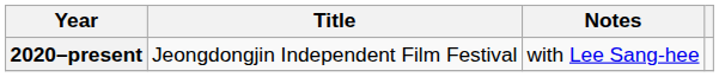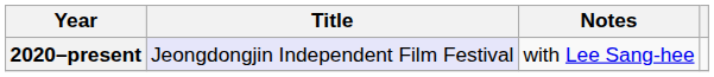 <table class="wikitable plainrowheaders">
 <tr>
 <th scope="col">Year</th>
 <th scope="col">Title</th>
 <th scope="col">Notes</th>
 <th scope="col" class="unsortable"></th>
 </tr>
 <tr>
 <th scope="row">2020–present</th>
-<td>Jeongdongjin Independent Film Festival</td>
+<td style="background: lavender;">Jeongdongjin Independent Film Festival</td>
 <td>with  <a href='#'>Lee Sang-hee</a></td>
 <td></td>
 </tr>
 <tr>
 </tr>
 </table>
